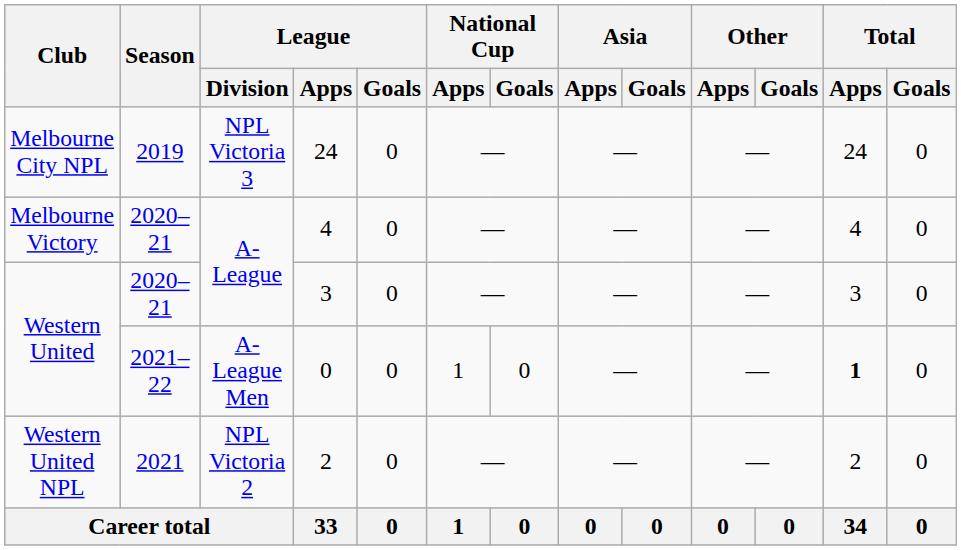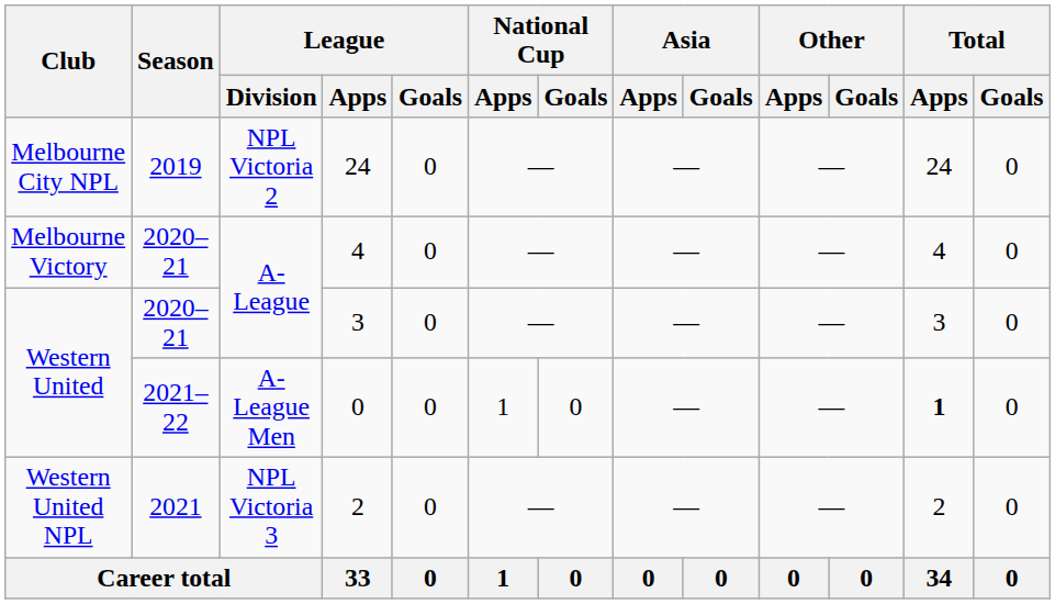 <table class="wikitable" style="text-align:center">
 <tr>
 <th rowspan=2>Club</th>
 <th rowspan=2>Season</th>
 <th colspan=3>League</th>
 <th colspan=2>National Cup</th>
 <th colspan=2>Asia</th>
 <th colspan=2>Other</th>
 <th colspan=2>Total</th>
 </tr>
 <tr>
 <th>Division</th>
 <th>Apps</th>
 <th>Goals</th>
 <th>Apps</th>
 <th>Goals</th>
 <th>Apps</th>
 <th>Goals</th>
 <th>Apps</th>
 <th>Goals</th>
 <th>Apps</th>
 <th>Goals</th>
 </tr>
 <tr>
 <td><a href='#'>Melbourne City NPL</a></td>
 <td><a href='#'>2019</a></td>
-<td><a href='#'>NPL Victoria 3</a></td>
+<td><a href='#'>NPL Victoria 2</a></td>
 <td>24</td>
 <td>0</td>
 <td colspan="2">—</td>
 <td colspan="2">—</td>
 <td colspan="2">—</td>
 <td>24</td>
 <td>0</td>
 </tr>
 <tr>
 <td><a href='#'>Melbourne Victory</a></td>
 <td><a href='#'>2020–21</a></td>
 <td rowspan="2"><a href='#'>A-League</a></td>
 <td>4</td>
 <td>0</td>
 <td colspan="2">—</td>
 <td colspan="2">—</td>
 <td colspan="2">—</td>
 <td>4</td>
 <td>0</td>
 </tr>
 <tr>
 <td rowspan="2"><a href='#'>Western United</a></td>
 <td><a href='#'>2020–21</a></td>
 <td>3</td>
 <td>0</td>
 <td colspan="2">—</td>
 <td colspan="2">—</td>
 <td colspan="2">—</td>
 <td>3</td>
 <td>0</td>
 </tr>
 <tr>
 <td><a href='#'>2021–22</a></td>
 <td><a href='#'>A-League Men</a></td>
 <td>0</td>
 <td>0</td>
 <td>1</td>
 <td>0</td>
 <td colspan="2">—</td>
 <td colspan="2">—</td>
 <td><strong>1</strong></td>
 <td>0</td>
 </tr>
 <tr>
 <td><a href='#'>Western United NPL</a></td>
 <td><a href='#'>2021</a></td>
-<td><a href='#'>NPL Victoria 2</a></td>
+<td><a href='#'>NPL Victoria 3</a></td>
 <td>2</td>
 <td>0</td>
 <td colspan="2">—</td>
 <td colspan="2">—</td>
 <td colspan="2">—</td>
 <td>2</td>
 <td>0</td>
 </tr>
 <tr>
 <th colspan=3>Career total</th>
 <th>33</th>
 <th>0</th>
 <th>1</th>
 <th>0</th>
 <th>0</th>
 <th>0</th>
 <th>0</th>
 <th>0</th>
 <th>34</th>
 <th>0</th>
 </tr>
 </table>
